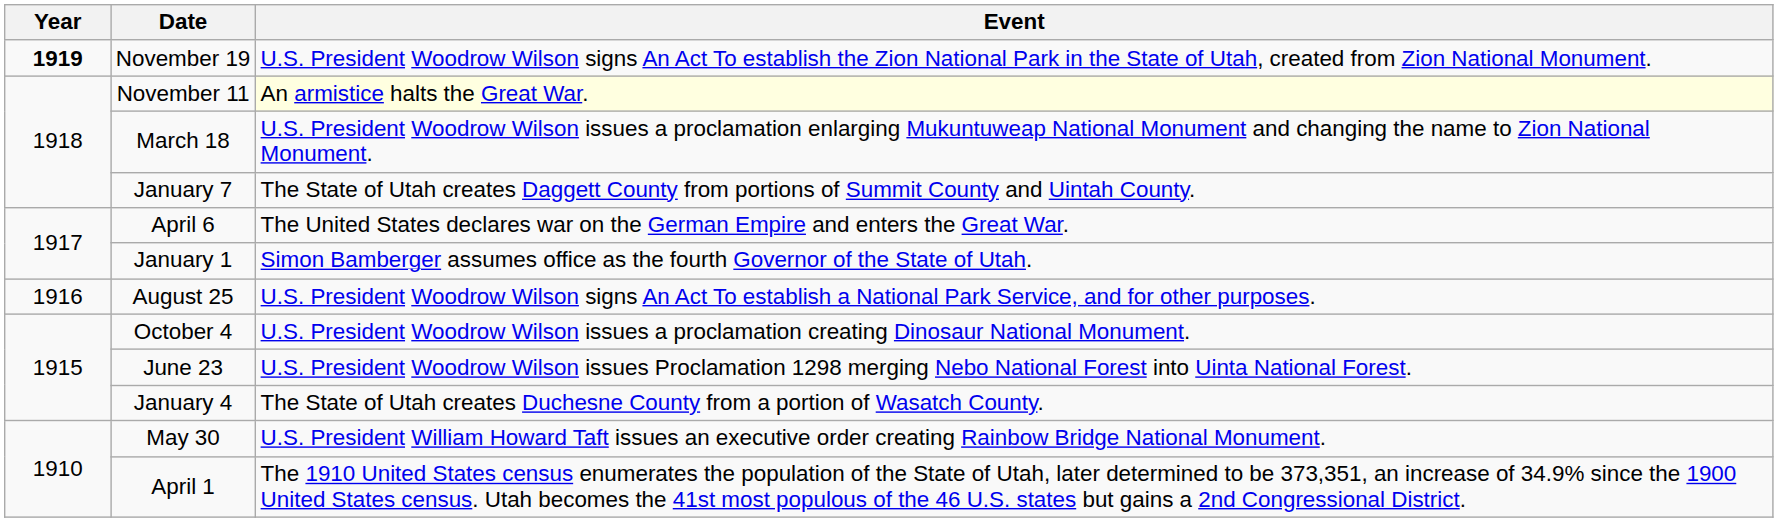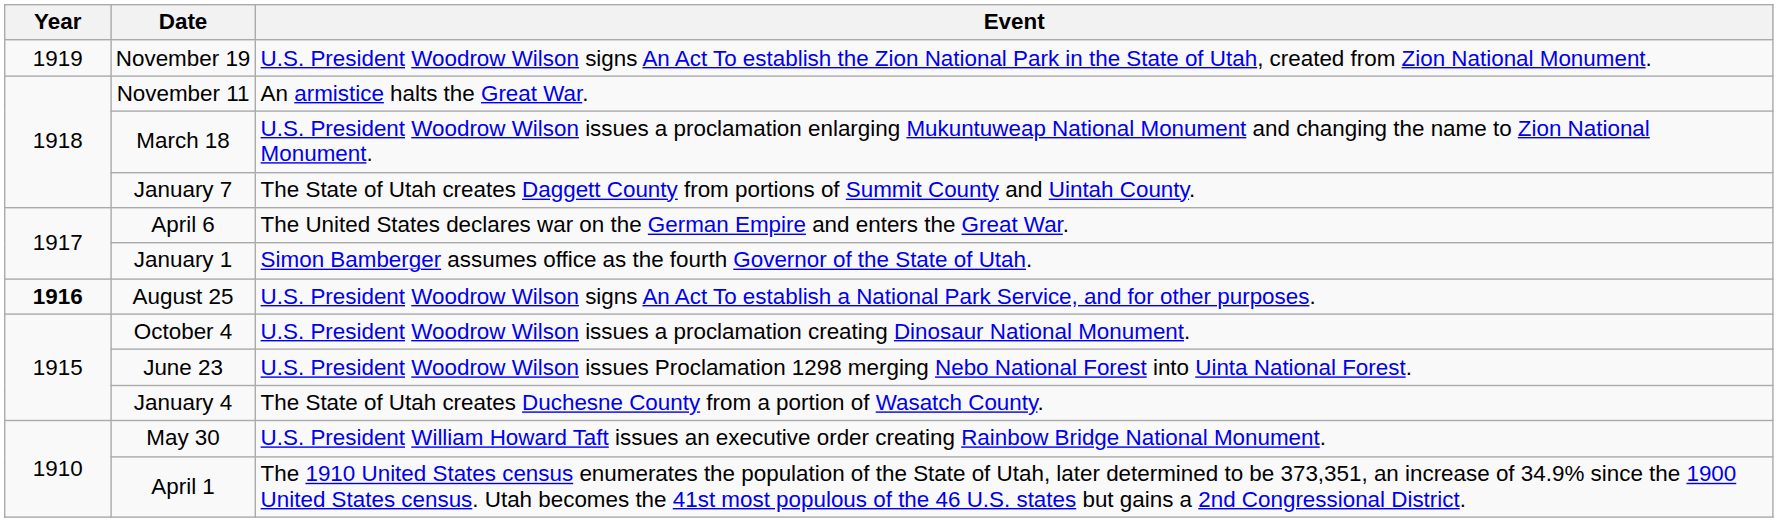 <table class="wikitable" style="width:100%;">
 <tr>
 <th style="width:6%">Year</th>
 <th style="width:8%">Date</th>
 <th style="width:86%">Event</th>
 </tr>
 <tr>
-<td align=center rowspan=1><strong>1919</strong></td>
+<td align=center rowspan=1>1919</td>
 <td align=center>November 19</td>
 <td><a href='#'>U.S. President</a> <a href='#'>Woodrow Wilson</a> signs <a href='#'>An Act To establish the Zion National Park in the State of Utah</a>, created from <a href='#'>Zion National Monument</a>.</td>
 </tr>
 <tr>
 <td align=center rowspan=3>1918</td>
 <td align=center>November 11</td>
-<td style="background: lightyellow;">An <a href='#'>armistice</a> halts the <a href='#'>Great War</a>.</td>
+<td>An <a href='#'>armistice</a> halts the <a href='#'>Great War</a>.</td>
 </tr>
 <tr>
 <td align=center>March 18</td>
 <td><a href='#'>U.S. President</a> <a href='#'>Woodrow Wilson</a> issues a proclamation enlarging <a href='#'>Mukuntuweap National Monument</a> and changing the name to <a href='#'>Zion National Monument</a>.</td>
 </tr>
 <tr>
 <td align=center>January 7</td>
 <td>The State of Utah creates <a href='#'>Daggett County</a> from portions of <a href='#'>Summit County</a> and <a href='#'>Uintah County</a>.</td>
 </tr>
 <tr>
 <td align=center rowspan=2>1917</td>
 <td align=center>April 6</td>
 <td>The United States declares war on the <a href='#'>German Empire</a> and enters the <a href='#'>Great War</a>.</td>
 </tr>
 <tr>
 <td align=center>January 1</td>
 <td><a href='#'>Simon Bamberger</a> assumes office as the fourth <a href='#'>Governor of the State of Utah</a>.</td>
 </tr>
 <tr>
-<td align=center rowspan=1>1916</td>
+<td align=center rowspan=1><strong>1916</strong></td>
 <td align=center>August 25</td>
 <td><a href='#'>U.S. President</a> <a href='#'>Woodrow Wilson</a> signs <a href='#'>An Act To establish a National Park Service, and for other purposes</a>.</td>
 </tr>
 <tr>
 <td align=center rowspan=3>1915</td>
 <td align=center>October 4</td>
 <td><a href='#'>U.S. President</a> <a href='#'>Woodrow Wilson</a> issues a proclamation creating <a href='#'>Dinosaur National Monument</a>.</td>
 </tr>
 <tr>
 <td align=center>June 23</td>
 <td><a href='#'>U.S. President</a> <a href='#'>Woodrow Wilson</a> issues Proclamation 1298 merging <a href='#'>Nebo National Forest</a> into <a href='#'>Uinta National Forest</a>.</td>
 </tr>
 <tr>
 <td align=center>January 4</td>
 <td>The State of Utah creates <a href='#'>Duchesne County</a> from a portion of <a href='#'>Wasatch County</a>.</td>
 </tr>
 <tr>
 <td align=center rowspan=2>1910</td>
 <td align=center>May 30</td>
 <td><a href='#'>U.S. President</a> <a href='#'>William Howard Taft</a> issues an executive order creating <a href='#'>Rainbow Bridge National Monument</a>.</td>
 </tr>
 <tr>
 <td align=center>April 1</td>
 <td>The <a href='#'>1910 United States census</a> enumerates the population of the State of Utah, later determined to be 373,351, an increase of 34.9% since the <a href='#'>1900 United States census</a>. Utah becomes the <a href='#'>41st most populous of the 46 U.S. states</a> but gains a <a href='#'>2nd Congressional District</a>.</td>
 </tr>
 </table>
